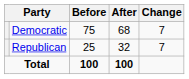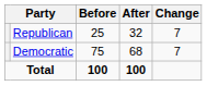 <table class="wikitable" style="text-align:center;">
 <tr>
 <th colspan="2">Party</th>
 <th>Before</th>
 <th>After</th>
 <th>Change</th>
 </tr>
 <tr>
 <th style="background-color:"></th>
-<td style="text-align:left;"><a href='#'>Democratic</a></td>
-<td>75</td>
-<td>68</td>
+<td style="text-align:left;"><a href='#'>Republican</a></td>
+<td>25</td>
+<td>32</td>
 <td> 7</td>
 </tr>
 <tr>
 <th style="background-color:"></th>
-<td style="text-align:left;"><a href='#'>Republican</a></td>
-<td>25</td>
-<td>32</td>
+<td style="text-align:left;"><a href='#'>Democratic</a></td>
+<td>75</td>
+<td>68</td>
 <td> 7</td>
 </tr>
 <tr>
 <td colspan="2"><strong>Total</strong></td>
 <td><strong>100</strong></td>
 <td><strong>100</strong></td>
 <td></td>
 </tr>
 </table>
